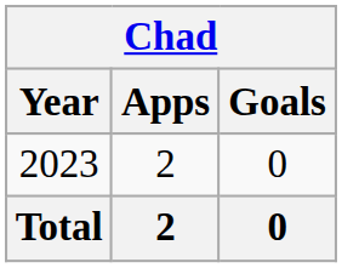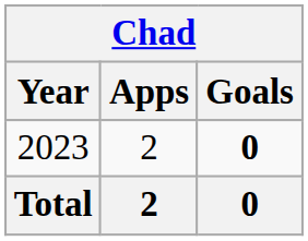 <table class=wikitable style=text-align:center>
 <tr>
 <th colspan=4><a href='#'>Chad</a></th>
 </tr>
 <tr>
 <th>Year</th>
 <th>Apps</th>
 <th>Goals</th>
 </tr>
 <tr>
 <td>2023</td>
 <td>2</td>
-<td>0</td>
+<td><strong>0</strong></td>
 </tr>
 <tr>
 <th colspan=1>Total</th>
 <th>2</th>
 <th>0</th>
 </tr>
 </table>
